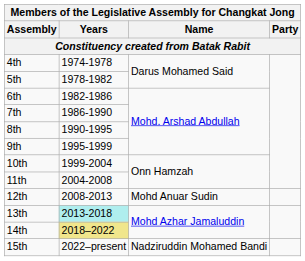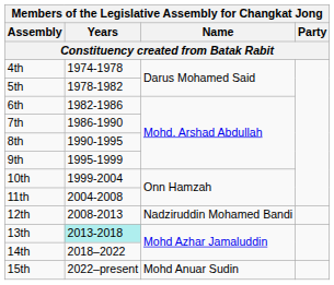 <table class="wikitable">
 <tr>
 <th colspan="4">Members of the Legislative Assembly for Changkat Jong</th>
 </tr>
 <tr>
 <th>Assembly</th>
 <th>Years</th>
 <th>Name</th>
 <th>Party</th>
 </tr>
 <tr>
 <th colspan="4"><em>Constituency created from Batak Rabit</em></th>
 </tr>
 <tr>
 <td>4th</td>
 <td>1974-1978</td>
 <td rowspan="2">Darus Mohamed Said</td>
 <td rowspan="8"></td>
 </tr>
 <tr>
 <td>5th</td>
 <td>1978-1982</td>
 </tr>
 <tr>
 <td>6th</td>
 <td>1982-1986</td>
 <td rowspan="4"><a href='#'>Mohd. Arshad Abdullah</a></td>
 </tr>
 <tr>
 <td>7th</td>
 <td>1986-1990</td>
 </tr>
 <tr>
 <td>8th</td>
 <td>1990-1995</td>
 </tr>
 <tr>
 <td>9th</td>
 <td>1995-1999</td>
 </tr>
 <tr>
 <td>10th</td>
 <td>1999-2004</td>
 <td rowspan="2">Onn Hamzah</td>
 </tr>
 <tr>
 <td>11th</td>
 <td>2004-2008</td>
 </tr>
 <tr>
 <td>12th</td>
 <td>2008-2013</td>
-<td>Mohd Anuar Sudin</td>
+<td>Nadziruddin Mohamed Bandi</td>
 <td></td>
 </tr>
 <tr>
 <td>13th</td>
 <td style="background: paleturquoise;">2013-2018</td>
 <td rowspan="2"><a href='#'>Mohd Azhar Jamaluddin</a></td>
 <td rowspan="2"></td>
 </tr>
 <tr>
 <td>14th</td>
-<td style="background: khaki;">2018–2022</td>
+<td>2018–2022</td>
 </tr>
 <tr>
 <td>15th</td>
 <td>2022–present</td>
-<td>Nadziruddin Mohamed Bandi</td>
+<td>Mohd Anuar Sudin</td>
 <td></td>
 </tr>
 </table>
